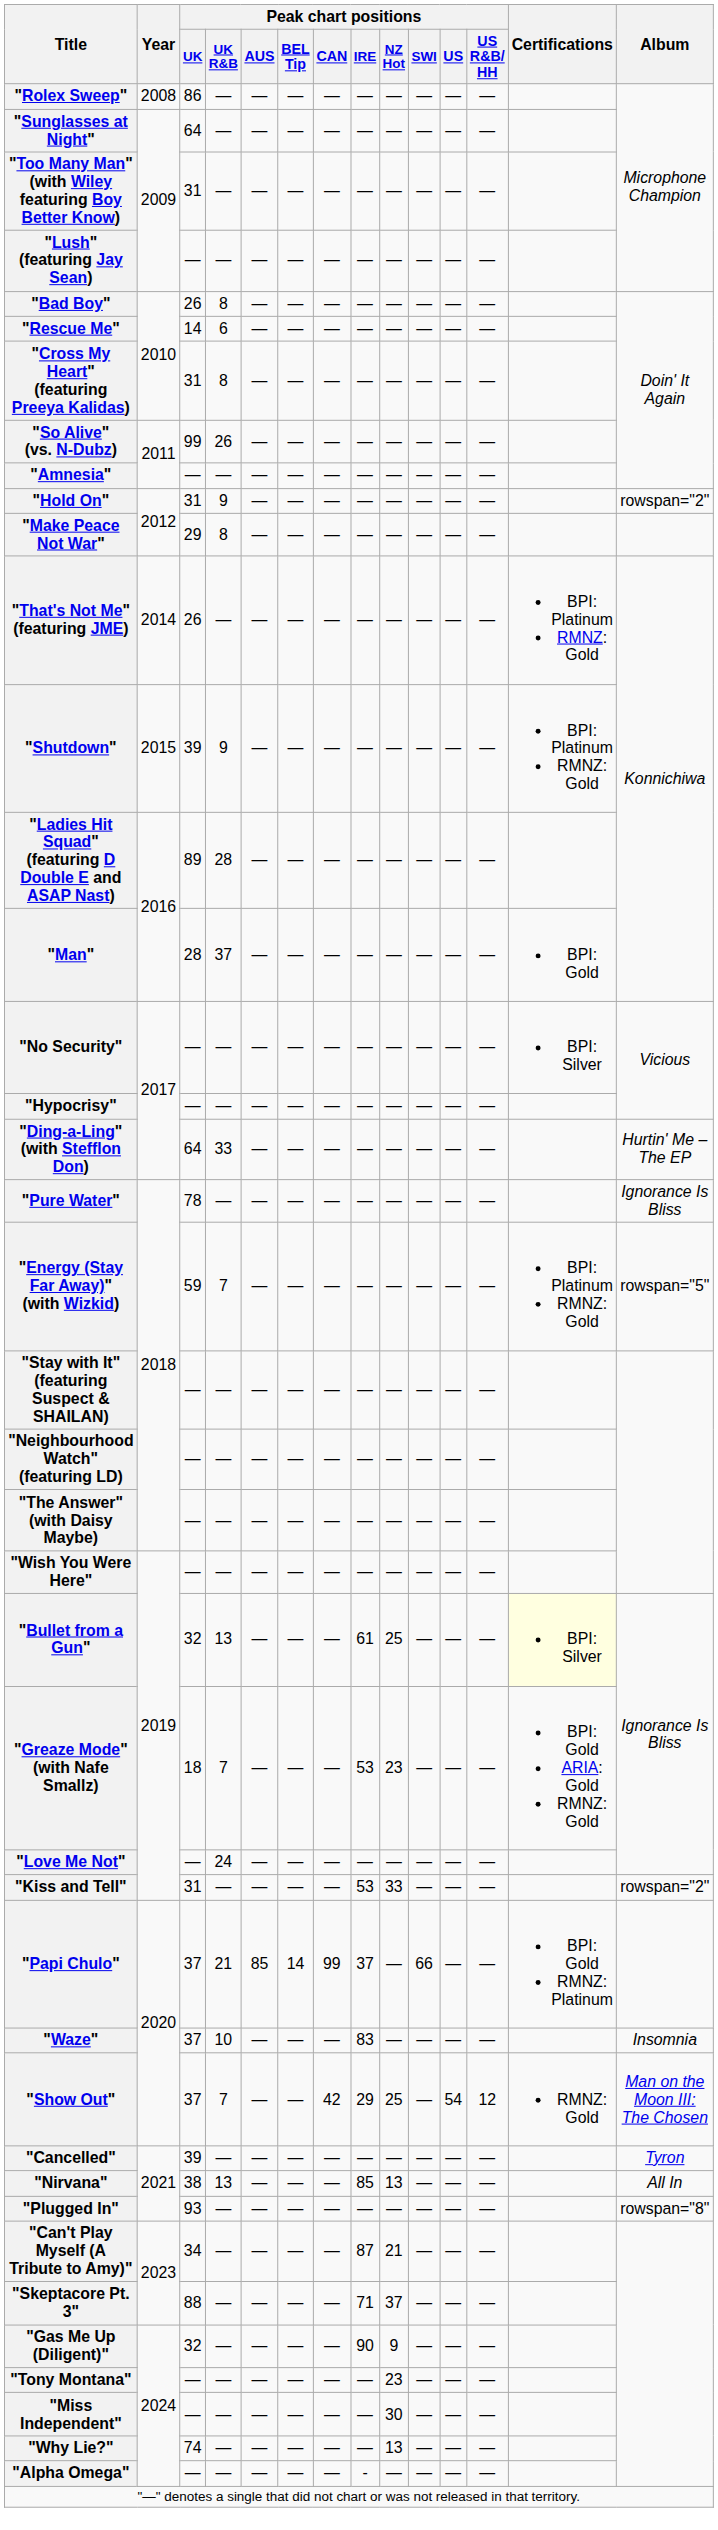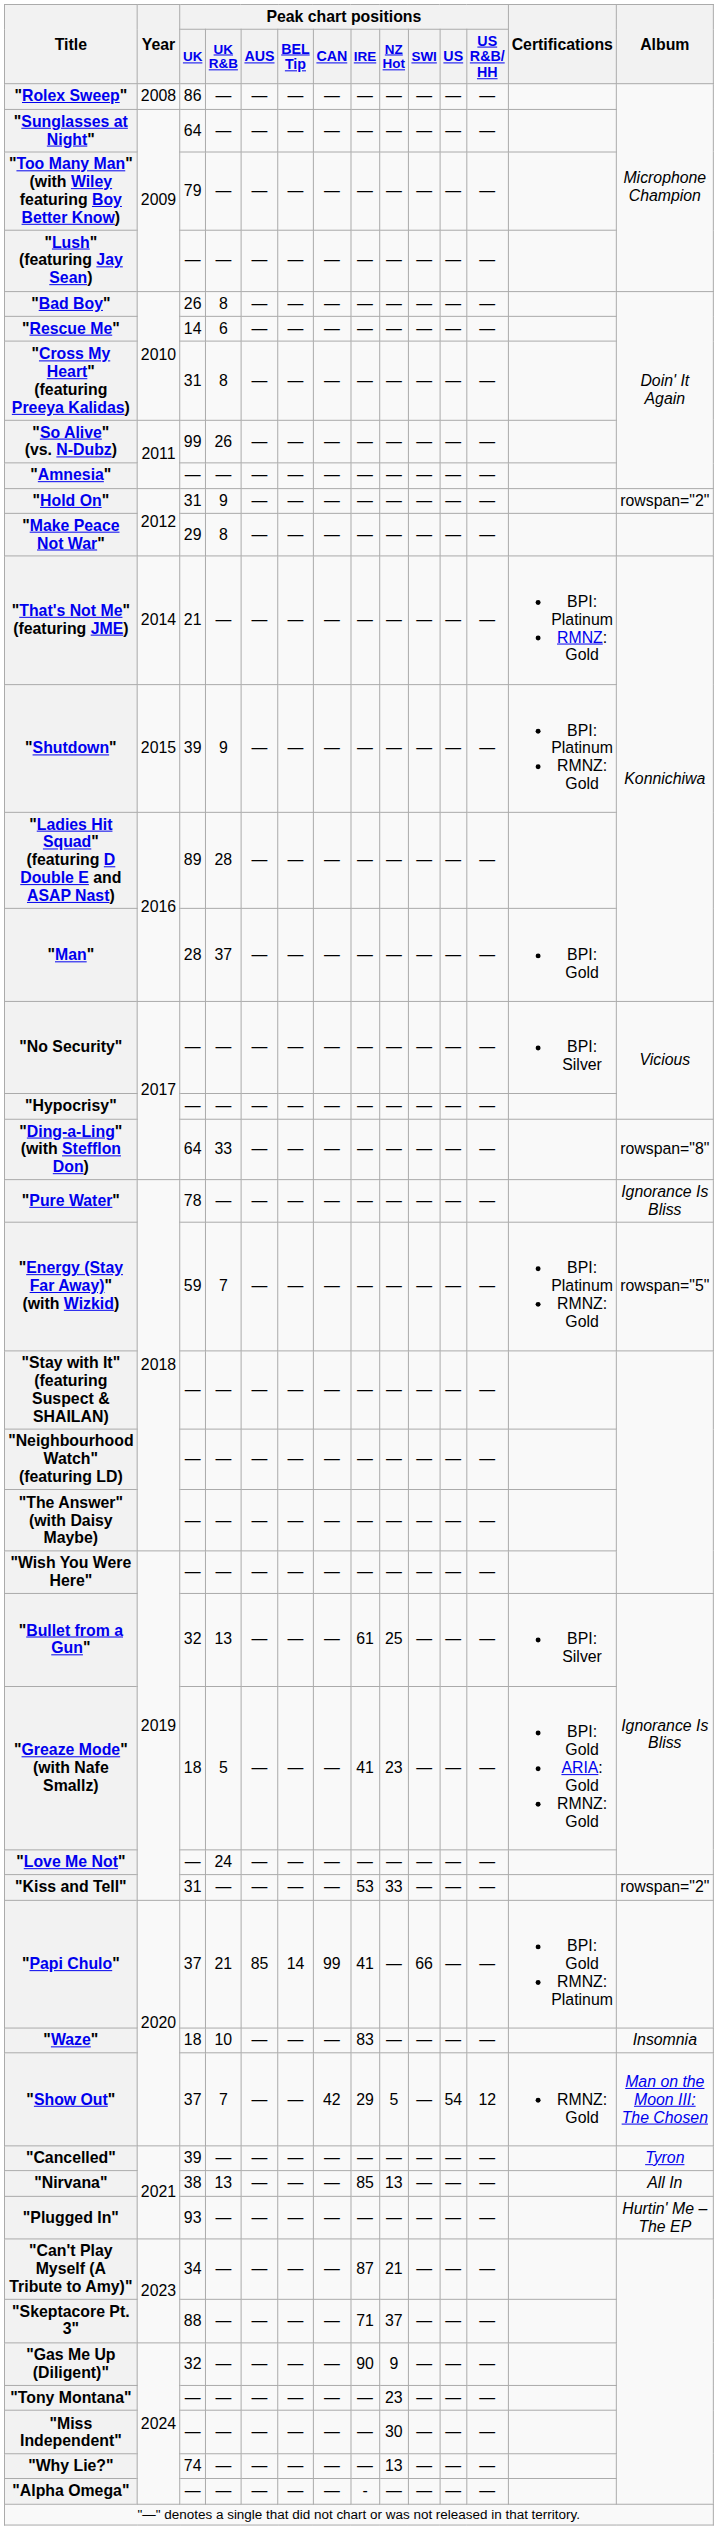 <table class="wikitable plainrowheaders" style="text-align:center;">
 <tr>
 <th scope="col" rowspan="2" style="width:20em;">Title</th>
 <th scope="col" rowspan="2" style="width:1em;">Year</th>
 <th scope="col" colspan="10">Peak chart positions</th>
 <th scope="col" rowspan="2">Certifications</th>
 <th scope="col" rowspan="2">Album</th>
 </tr>
 <tr>
 <th scope="col" style="width:3em;font-size:85%;"><a href='#'>UK</a><br></th>
 <th scope="col" style="width:3em;font-size:85%;"><a href='#'>UK<br>R&B</a><br></th>
 <th scope="col" style="width:3em;font-size:90%;"><a href='#'>AUS</a><br></th>
 <th scope="col" style="width:3em;font-size:90%;"><a href='#'>BEL<br>Tip</a><br></th>
 <th scope="col" style="width:3em;font-size:90%;"><a href='#'>CAN</a><br></th>
 <th scope="col" style="width:3em;font-size:85%;"><a href='#'>IRE</a><br></th>
 <th scope="col" style="width:3em;font-size:85%;"><a href='#'>NZ<br>Hot</a><br></th>
 <th scope="col" style="width:3em;font-size:85%;"><a href='#'>SWI</a><br></th>
 <th scope="col" style="width:3em;font-size:90%;"><a href='#'>US</a><br></th>
 <th scope="col" style="width:3em;font-size:90%;"><a href='#'>US<br>R&B/<br>HH</a><br></th>
 </tr>
 <tr>
 <th scope="row">"<a href='#'>Rolex Sweep</a>"</th>
 <td>2008</td>
 <td>86</td>
 <td>—</td>
 <td>—</td>
 <td>—</td>
 <td>—</td>
 <td>—</td>
 <td>—</td>
 <td>—</td>
 <td>—</td>
 <td>—</td>
 <td></td>
 <td rowspan="4"><em>Microphone Champion</em></td>
 </tr>
 <tr>
 <th scope="row">"<a href='#'>Sunglasses at Night</a>"</th>
 <td rowspan="3">2009</td>
 <td>64</td>
 <td>—</td>
 <td>—</td>
 <td>—</td>
 <td>—</td>
 <td>—</td>
 <td>—</td>
 <td>—</td>
 <td>—</td>
 <td>—</td>
 <td></td>
 </tr>
 <tr>
 <th scope="row">"<a href='#'>Too Many Man</a>"<br><span>(with <a href='#'>Wiley</a> featuring <a href='#'>Boy Better Know</a>)</span></th>
-<td>31</td>
+<td>79</td>
 <td>—</td>
 <td>—</td>
 <td>—</td>
 <td>—</td>
 <td>—</td>
 <td>—</td>
 <td>—</td>
 <td>—</td>
 <td>—</td>
 <td></td>
 </tr>
 <tr>
 <th scope="row">"<a href='#'>Lush</a>"<br><span>(featuring <a href='#'>Jay Sean</a>)</span></th>
 <td>—</td>
 <td>—</td>
 <td>—</td>
 <td>—</td>
 <td>—</td>
 <td>—</td>
 <td>—</td>
 <td>—</td>
 <td>—</td>
 <td>—</td>
 <td></td>
 </tr>
 <tr>
 <th scope="row">"<a href='#'>Bad Boy</a>"</th>
 <td rowspan="3">2010</td>
 <td>26</td>
 <td>8</td>
 <td>—</td>
 <td>—</td>
 <td>—</td>
 <td>—</td>
 <td>—</td>
 <td>—</td>
 <td>—</td>
 <td>—</td>
 <td></td>
 <td rowspan="5"><em>Doin' It Again</em></td>
 </tr>
 <tr>
 <th scope="row">"<a href='#'>Rescue Me</a>"</th>
 <td>14</td>
 <td>6</td>
 <td>—</td>
 <td>—</td>
 <td>—</td>
 <td>—</td>
 <td>—</td>
 <td>—</td>
 <td>—</td>
 <td>—</td>
 <td></td>
 </tr>
 <tr>
 <th scope="row">"<a href='#'>Cross My Heart</a>"<br><span>(featuring <a href='#'>Preeya Kalidas</a>)</span></th>
 <td>31</td>
 <td>8</td>
 <td>—</td>
 <td>—</td>
 <td>—</td>
 <td>—</td>
 <td>—</td>
 <td>—</td>
 <td>—</td>
 <td>—</td>
 <td></td>
 </tr>
 <tr>
 <th scope="row">"<a href='#'>So Alive</a>"<br><span>(vs. <a href='#'>N-Dubz</a>)</span></th>
 <td rowspan="2">2011</td>
 <td>99</td>
 <td>26</td>
 <td>—</td>
 <td>—</td>
 <td>—</td>
 <td>—</td>
 <td>—</td>
 <td>—</td>
 <td>—</td>
 <td>—</td>
 <td></td>
 </tr>
 <tr>
 <th scope="row">"<a href='#'>Amnesia</a>"</th>
 <td>—</td>
 <td>—</td>
 <td>—</td>
 <td>—</td>
 <td>—</td>
 <td>—</td>
 <td>—</td>
 <td>—</td>
 <td>—</td>
 <td>—</td>
 <td></td>
 </tr>
 <tr>
 <th scope="row">"<a href='#'>Hold On</a>"</th>
 <td rowspan="2">2012</td>
 <td>31</td>
 <td>9</td>
 <td>—</td>
 <td>—</td>
 <td>—</td>
 <td>—</td>
 <td>—</td>
 <td>—</td>
 <td>—</td>
 <td>—</td>
 <td></td>
 <td>rowspan="2" </td>
 </tr>
 <tr>
 <th scope="row">"<a href='#'>Make Peace Not War</a>"</th>
 <td>29</td>
 <td>8</td>
 <td>—</td>
 <td>—</td>
 <td>—</td>
 <td>—</td>
 <td>—</td>
 <td>—</td>
 <td>—</td>
 <td>—</td>
 <td></td>
 </tr>
 <tr>
 <th scope="row">"<a href='#'>That's Not Me</a>"<br><span>(featuring <a href='#'>JME</a>)</span></th>
 <td>2014</td>
-<td>26</td>
+<td>21</td>
 <td>—</td>
 <td>—</td>
 <td>—</td>
 <td>—</td>
 <td>—</td>
 <td>—</td>
 <td>—</td>
 <td>—</td>
 <td>—</td>
 <td><br><ul><li>BPI: Platinum</li><li><a href='#'>RMNZ</a>: Gold</li></ul></td>
 <td rowspan="4"><em>Konnichiwa</em></td>
 </tr>
 <tr>
 <th scope="row">"<a href='#'>Shutdown</a>"</th>
 <td>2015</td>
 <td>39</td>
 <td>9</td>
 <td>—</td>
 <td>—</td>
 <td>—</td>
 <td>—</td>
 <td>—</td>
 <td>—</td>
 <td>—</td>
 <td>—</td>
 <td><br><ul><li>BPI: Platinum</li><li>RMNZ: Gold</li></ul></td>
 </tr>
 <tr>
 <th scope="row">"<a href='#'>Ladies Hit Squad</a>"<br><span>(featuring <a href='#'>D Double E</a> and <a href='#'>ASAP Nast</a>)</span></th>
 <td rowspan="2">2016</td>
 <td>89</td>
 <td>28</td>
 <td>—</td>
 <td>—</td>
 <td>—</td>
 <td>—</td>
 <td>—</td>
 <td>—</td>
 <td>—</td>
 <td>—</td>
 <td></td>
 </tr>
 <tr>
 <th scope="row">"<a href='#'>Man</a>"</th>
 <td>28</td>
 <td>37</td>
 <td>—</td>
 <td>—</td>
 <td>—</td>
 <td>—</td>
 <td>—</td>
 <td>—</td>
 <td>—</td>
 <td>—</td>
 <td><br><ul><li>BPI: Gold</li></ul></td>
 </tr>
 <tr>
 <th scope="row">"No Security"</th>
 <td rowspan="3">2017</td>
 <td>—</td>
 <td>—</td>
 <td>—</td>
 <td>—</td>
 <td>—</td>
 <td>—</td>
 <td>—</td>
 <td>—</td>
 <td>—</td>
 <td>—</td>
 <td><br><ul><li>BPI: Silver</li></ul></td>
 <td rowspan="2"><em>Vicious</em></td>
 </tr>
 <tr>
 <th scope="row">"Hypocrisy"</th>
 <td>—</td>
 <td>—</td>
 <td>—</td>
 <td>—</td>
 <td>—</td>
 <td>—</td>
 <td>—</td>
 <td>—</td>
 <td>—</td>
 <td>—</td>
 <td></td>
 </tr>
 <tr>
 <th scope="row">"<a href='#'>Ding-a-Ling</a>"<br><span>(with <a href='#'>Stefflon Don</a>)</span></th>
 <td>64</td>
 <td>33</td>
 <td>—</td>
 <td>—</td>
 <td>—</td>
 <td>—</td>
 <td>—</td>
 <td>—</td>
 <td>—</td>
 <td>—</td>
 <td></td>
-<td><em>Hurtin' Me – The EP</em></td>
+<td>rowspan="8" </td>
 </tr>
 <tr>
 <th scope="row">"<a href='#'>Pure Water</a>"</th>
 <td rowspan="5">2018</td>
 <td>78</td>
 <td>—</td>
 <td>—</td>
 <td>—</td>
 <td>—</td>
 <td>—</td>
 <td>—</td>
 <td>—</td>
 <td>—</td>
 <td>—</td>
 <td></td>
 <td><em>Ignorance Is Bliss</em></td>
 </tr>
 <tr>
 <th scope="row">"<a href='#'>Energy (Stay Far Away)</a>"<br><span>(with <a href='#'>Wizkid</a>)</span></th>
 <td>59</td>
 <td>7</td>
 <td>—</td>
 <td>—</td>
 <td>—</td>
 <td>—</td>
 <td>—</td>
 <td>—</td>
 <td>—</td>
 <td>—</td>
 <td><br><ul><li>BPI: Platinum</li><li>RMNZ: Gold</li></ul></td>
 <td>rowspan="5" </td>
 </tr>
 <tr>
 <th scope="row">"Stay with It"<br><span>(featuring Suspect & SHAILAN)</span></th>
 <td>—</td>
 <td>—</td>
 <td>—</td>
 <td>—</td>
 <td>—</td>
 <td>—</td>
 <td>—</td>
 <td>—</td>
 <td>—</td>
 <td>—</td>
 <td></td>
 </tr>
 <tr>
 <th scope="row">"Neighbourhood Watch"<br><span>(featuring LD)</span></th>
 <td>—</td>
 <td>—</td>
 <td>—</td>
 <td>—</td>
 <td>—</td>
 <td>—</td>
 <td>—</td>
 <td>—</td>
 <td>—</td>
 <td>—</td>
 <td></td>
 </tr>
 <tr>
 <th scope="row">"The Answer"<br><span>(with Daisy Maybe)</span></th>
 <td>—</td>
 <td>—</td>
 <td>—</td>
 <td>—</td>
 <td>—</td>
 <td>—</td>
 <td>—</td>
 <td>—</td>
 <td>—</td>
 <td>—</td>
 <td></td>
 </tr>
 <tr>
 <th scope="row">"Wish You Were Here"</th>
 <td rowspan="5">2019</td>
 <td>—</td>
 <td>—</td>
 <td>—</td>
 <td>—</td>
 <td>—</td>
 <td>—</td>
 <td>—</td>
 <td>—</td>
 <td>—</td>
 <td>—</td>
 <td></td>
 </tr>
 <tr>
 <th scope="row">"<a href='#'>Bullet from a Gun</a>"</th>
 <td>32</td>
 <td>13</td>
 <td>—</td>
 <td>—</td>
 <td>—</td>
 <td>61</td>
 <td>25</td>
 <td>—</td>
 <td>—</td>
 <td>—</td>
-<td style="background: lightyellow;"><br><ul><li>BPI: Silver</li></ul></td>
+<td><br><ul><li>BPI: Silver</li></ul></td>
 <td rowspan="3"><em>Ignorance Is Bliss</em></td>
 </tr>
 <tr>
 <th scope="row">"<a href='#'>Greaze Mode</a>"<br><span>(with Nafe Smallz)</span></th>
 <td>18</td>
-<td>7</td>
+<td>5</td>
 <td>—</td>
 <td>—</td>
 <td>—</td>
-<td>53</td>
+<td>41</td>
 <td>23</td>
 <td>—</td>
 <td>—</td>
 <td>—</td>
 <td><br><ul><li>BPI: Gold</li><li><a href='#'>ARIA</a>: Gold</li><li>RMNZ: Gold</li></ul></td>
 </tr>
 <tr>
 <th scope="row">"<a href='#'>Love Me Not</a>"<br></th>
 <td>—</td>
 <td>24</td>
 <td>—</td>
 <td>—</td>
 <td>—</td>
 <td>—</td>
 <td>—</td>
 <td>—</td>
 <td>—</td>
 <td>—</td>
 <td></td>
 </tr>
 <tr>
 <th scope="row">"Kiss and Tell"<br></th>
 <td>31</td>
 <td>—</td>
 <td>—</td>
 <td>—</td>
 <td>—</td>
 <td>53</td>
 <td>33</td>
 <td>—</td>
 <td>—</td>
 <td>—</td>
 <td></td>
 <td>rowspan="2" </td>
 </tr>
 <tr>
 <th scope="row">"<a href='#'>Papi Chulo</a>"<br></th>
 <td rowspan="3">2020</td>
 <td>37</td>
 <td>21</td>
 <td>85</td>
 <td>14</td>
 <td>99</td>
-<td>37</td>
+<td>41</td>
 <td>—</td>
 <td>66</td>
 <td>—</td>
 <td>—</td>
 <td><br><ul><li>BPI: Gold</li><li>RMNZ: Platinum</li></ul></td>
 </tr>
 <tr>
 <th scope="row">"<a href='#'>Waze</a>"<br></th>
-<td>37</td>
+<td>18</td>
 <td>10</td>
 <td>—</td>
 <td>—</td>
 <td>—</td>
 <td>83</td>
 <td>—</td>
 <td>—</td>
 <td>—</td>
 <td>—</td>
 <td></td>
 <td><em>Insomnia</em></td>
 </tr>
 <tr>
 <th scope="row">"<a href='#'>Show Out</a>"<br></th>
 <td>37</td>
 <td>7</td>
 <td>—</td>
 <td>—</td>
 <td>42</td>
 <td>29</td>
-<td>25</td>
+<td>5</td>
 <td>—</td>
 <td>54</td>
 <td>12</td>
 <td><br><ul><li>RMNZ: Gold</li></ul></td>
 <td><em><a href='#'>Man on the Moon III: The Chosen</a></em></td>
 </tr>
 <tr>
 <th scope="row">"Cancelled"<br></th>
 <td rowspan="3">2021</td>
 <td>39</td>
 <td>—</td>
 <td>—</td>
 <td>—</td>
 <td>—</td>
 <td>—</td>
 <td>—</td>
 <td>—</td>
 <td>—</td>
 <td>—</td>
 <td></td>
 <td><em><a href='#'>Tyron</a></em></td>
 </tr>
 <tr>
 <th scope="row">"Nirvana"<br></th>
 <td>38</td>
 <td>13</td>
 <td>—</td>
 <td>—</td>
 <td>—</td>
 <td>85</td>
 <td>13</td>
 <td>—</td>
 <td>—</td>
 <td>—</td>
 <td></td>
 <td><em>All In</em></td>
 </tr>
 <tr>
 <th scope="row">"Plugged In"<br></th>
 <td>93</td>
 <td>—</td>
 <td>—</td>
 <td>—</td>
 <td>—</td>
 <td>—</td>
 <td>—</td>
 <td>—</td>
 <td>—</td>
 <td>—</td>
 <td></td>
-<td>rowspan="8" </td>
+<td><em>Hurtin' Me – The EP</em></td>
 </tr>
 <tr>
 <th scope="row">"Can't Play Myself (A Tribute to Amy)"</th>
 <td rowspan="2">2023</td>
 <td>34</td>
 <td>—</td>
 <td>—</td>
 <td>—</td>
 <td>—</td>
 <td>87</td>
 <td>21</td>
 <td>—</td>
 <td>—</td>
 <td>—</td>
 <td></td>
 </tr>
 <tr>
 <th scope="row">"Skeptacore Pt. 3"<br></th>
 <td>88</td>
 <td>—</td>
 <td>—</td>
 <td>—</td>
 <td>—</td>
 <td>71</td>
 <td>37</td>
 <td>—</td>
 <td>—</td>
 <td>—</td>
 <td></td>
 </tr>
 <tr>
 <th scope="row">"Gas Me Up (Diligent)"</th>
 <td rowspan="5">2024</td>
 <td>32</td>
 <td>—</td>
 <td>—</td>
 <td>—</td>
 <td>—</td>
 <td>90<br></td>
 <td>9</td>
 <td>—</td>
 <td>—</td>
 <td>—</td>
 <td></td>
 </tr>
 <tr>
 <th scope="row">"Tony Montana"<br></th>
 <td>—</td>
 <td>—</td>
 <td>—</td>
 <td>—</td>
 <td>—</td>
 <td>—</td>
 <td>23</td>
 <td>—</td>
 <td>—</td>
 <td>—</td>
 <td></td>
 </tr>
 <tr>
 <th scope="row">"Miss Independent"<br></th>
 <td>—</td>
 <td>—</td>
 <td>—</td>
 <td>—</td>
 <td>—</td>
 <td>—</td>
 <td>30</td>
 <td>—</td>
 <td>—</td>
 <td>—</td>
 <td></td>
 </tr>
 <tr>
 <th scope="row">"Why Lie?"<br></th>
 <td>74</td>
 <td>—</td>
 <td>—</td>
 <td>—</td>
 <td>—</td>
 <td>—</td>
 <td>13</td>
 <td>—</td>
 <td>—</td>
 <td>—</td>
 <td></td>
 </tr>
 <tr>
 <th scope="row">"Alpha Omega"<br></th>
 <td>—</td>
 <td>—</td>
 <td>—</td>
 <td>—</td>
 <td>—</td>
 <td>-</td>
 <td>—</td>
 <td>—</td>
 <td>—</td>
 <td>—</td>
 <td></td>
 </tr>
 <tr>
 <td colspan="15" style="font-size:85%">"—" denotes a single that did not chart or was not released in that territory.</td>
 </tr>
 </table>
